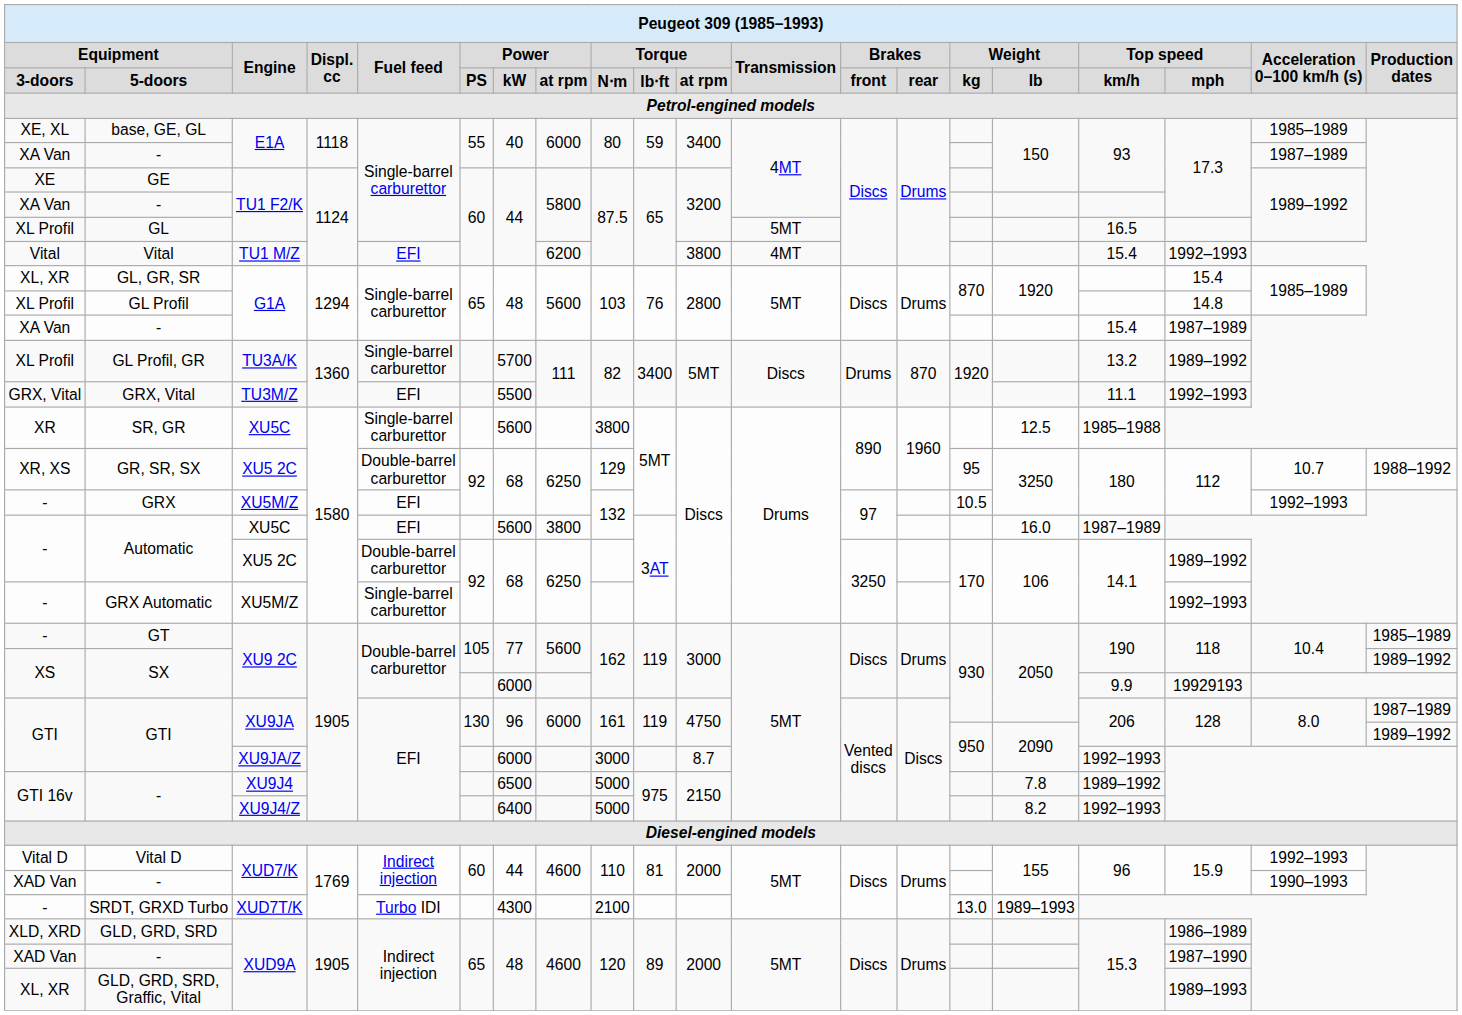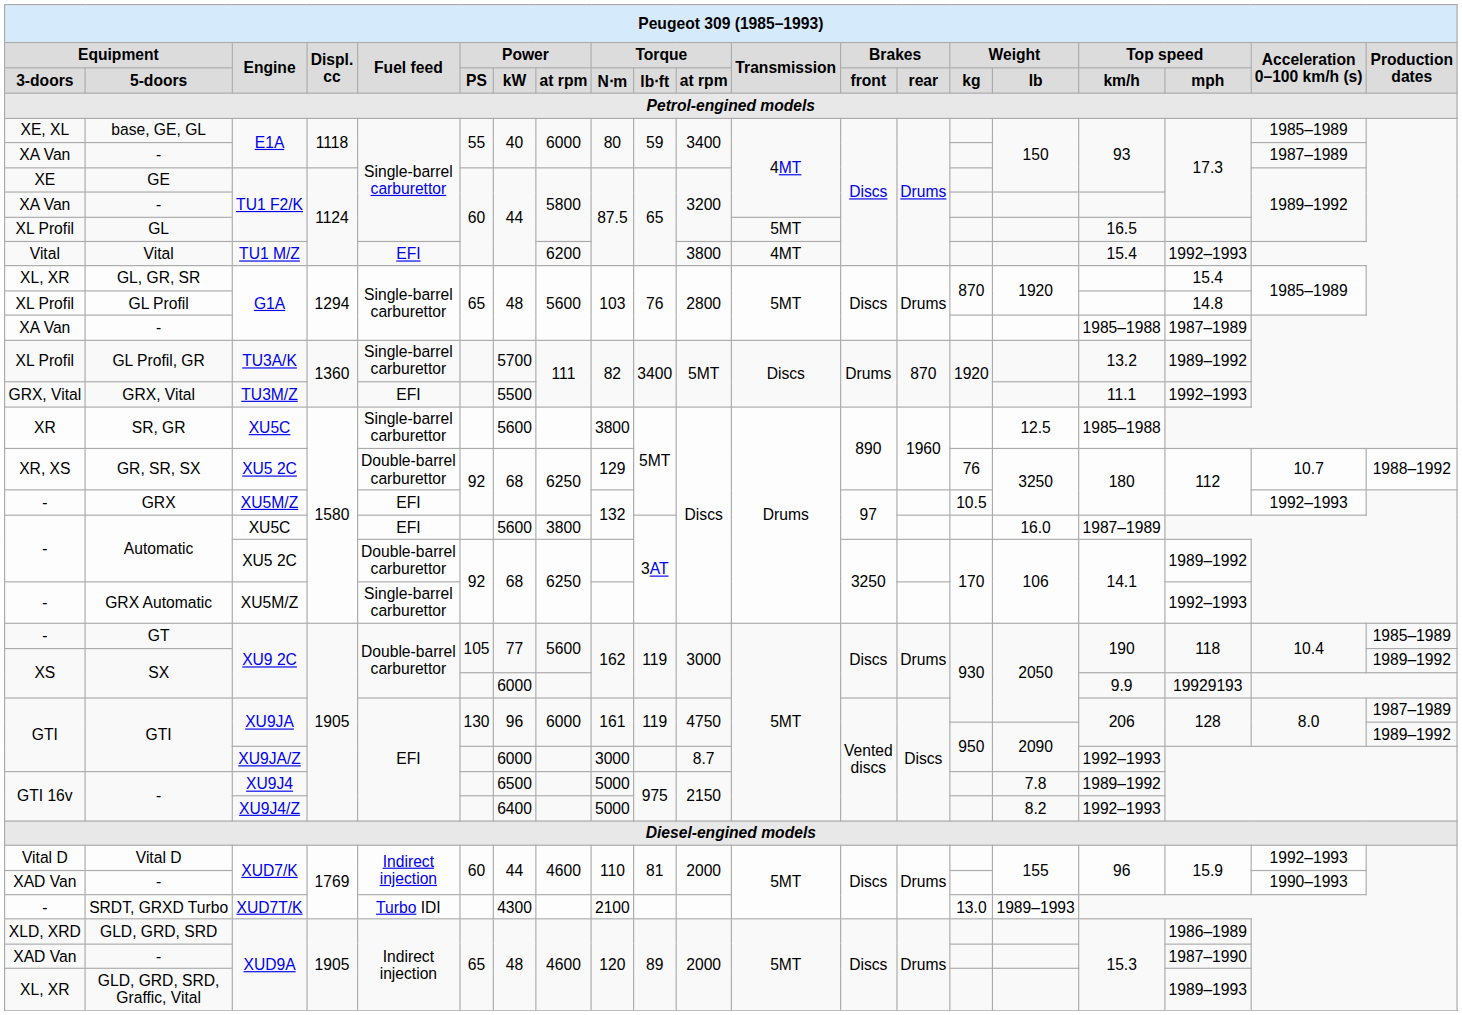 <table class="wikitable mw-collapsible autocollapse mw-collapsed" cellpadding="0"  cellspacing="0" style="text-align:center; font-size:85%; width:100%">
 <tr>
 <td colspan=20 style="height:27px; background:#D5EAFB; text-align:center; font-weight:bold">Peugeot 309 (1985–1993)</td>
 </tr>
 <tr style="background:#DCDCDC; align:center; valign:middle; font-weight:bold">
 <td colspan="2">Equipment</td>
 <td rowspan="2">Engine</td>
 <td rowspan="2">Displ.<br>cc</td>
 <td rowspan="2">Fuel feed</td>
 <td colspan="3">Power</td>
 <td colspan="3">Torque</td>
 <td rowspan="2">Transmission</td>
 <td colspan="2">Brakes</td>
 <td colspan="2">Weight</td>
 <td colspan="2">Top speed</td>
 <td rowspan="2">Acceleration<br>0–100 km/h (s)</td>
 <td rowspan="2">Production<br>dates</td>
 </tr>
 <tr style="background:#DCDCDC; align:center; valign:middle; font-weight:bold">
 <td>3-doors</td>
 <td>5-doors</td>
 <td>PS</td>
 <td>kW</td>
 <td>at rpm</td>
 <td>N⋅m</td>
 <td>lb⋅ft</td>
 <td>at rpm</td>
 <td>front</td>
 <td>rear</td>
 <td>kg</td>
 <td>lb</td>
 <td>km/h</td>
 <td>mph</td>
 </tr>
 <tr>
 <th colspan=20 style="background:#e8e8e8"><em>Petrol-engined models</em></th>
 </tr>
 <tr>
 <td>XE, XL</td>
 <td>base, GE, GL</td>
 <td rowspan="2"><a href='#'>E1A</a></td>
 <td rowspan="2">1118</td>
 <td rowspan="5">Single-barrel<br><a href='#'>carburettor</a></td>
 <td rowspan="2">55</td>
 <td rowspan="2">40</td>
 <td rowspan="2">6000</td>
 <td rowspan="2">80</td>
 <td rowspan="2">59</td>
 <td rowspan="2">3400</td>
 <td rowspan="4">4<a href='#'>MT</a></td>
 <td rowspan="6"><a href='#'>Discs</a></td>
 <td rowspan="6"><a href='#'>Drums</a></td>
 <td></td>
 <td rowspan="3">150</td>
 <td rowspan="3">93</td>
 <td rowspan="4">17.3</td>
 <td>1985–1989</td>
 </tr>
 <tr>
 <td>XA Van</td>
 <td>-</td>
 <td></td>
 <td>1987–1989</td>
 </tr>
 <tr>
 <td>XE</td>
 <td>GE</td>
 <td rowspan="3"><a href='#'>TU1 F2/K</a></td>
 <td rowspan="4">1124</td>
 <td rowspan="4">60</td>
 <td rowspan="4">44</td>
 <td rowspan="3">5800</td>
 <td rowspan="4">87.5</td>
 <td rowspan="4">65</td>
 <td rowspan="3">3200</td>
 <td></td>
 <td rowspan="3">1989–1992</td>
 </tr>
 <tr>
 <td>XA Van</td>
 <td>-</td>
 <td></td>
 <td></td>
 </tr>
 <tr>
 <td>XL Profil</td>
 <td>GL</td>
 <td>5MT</td>
 <td></td>
 <td></td>
 <td>16.5</td>
 </tr>
 <tr>
 <td>Vital</td>
 <td>Vital</td>
 <td><a href='#'>TU1 M/Z</a></td>
 <td><a href='#'>EFI</a></td>
 <td>6200</td>
 <td>3800</td>
 <td>4MT</td>
 <td></td>
 <td></td>
 <td>15.4</td>
 <td>1992–1993</td>
 </tr>
 <tr style="background:#fdfdfd">
 <td>XL, XR</td>
 <td>GL, GR, SR</td>
 <td rowspan="3"><a href='#'>G1A</a></td>
 <td rowspan="3">1294</td>
 <td rowspan="3">Single-barrel<br>carburettor</td>
 <td rowspan="3">65</td>
 <td rowspan="3">48</td>
 <td rowspan="3">5600</td>
 <td rowspan="3">103</td>
 <td rowspan="3">76</td>
 <td rowspan="3">2800</td>
 <td rowspan="3">5MT</td>
 <td rowspan="3">Discs</td>
 <td rowspan="3">Drums</td>
 <td rowspan="2">870</td>
 <td rowspan="2">1920</td>
 <td></td>
 <td>15.4</td>
 <td rowspan="2">1985–1989</td>
 </tr>
 <tr style="background:#fdfdfd">
 <td>XL Profil</td>
 <td>GL Profil</td>
 <td></td>
 <td>14.8</td>
 </tr>
 <tr style="background:#fdfdfd">
 <td>XA Van</td>
 <td>-</td>
 <td></td>
 <td></td>
-<td>15.4</td>
+<td>1985–1988</td>
 <td>1987–1989</td>
 </tr>
 <tr>
 <td>XL Profil</td>
 <td>GL Profil, GR</td>
 <td><a href='#'>TU3A/K</a></td>
 <td rowspan="2">1360</td>
 <td>Single-barrel<br>carburettor</td>
 <td></td>
 <td>5700</td>
 <td rowspan="2">111</td>
 <td rowspan="2">82</td>
 <td rowspan="2">3400</td>
 <td rowspan="2">5MT</td>
 <td rowspan="2">Discs</td>
 <td rowspan="2">Drums</td>
 <td rowspan="2">870</td>
 <td rowspan="2">1920</td>
 <td></td>
 <td>13.2</td>
 <td>1989–1992</td>
 </tr>
 <tr>
 <td>GRX, Vital</td>
 <td>GRX, Vital</td>
 <td><a href='#'>TU3M/Z</a></td>
 <td>EFI</td>
 <td></td>
 <td>5500</td>
 <td></td>
 <td>11.1</td>
 <td>1992–1993</td>
 </tr>
 <tr style="background:#fdfdfd">
 <td>XR</td>
 <td>SR, GR</td>
 <td><a href='#'>XU5C</a></td>
 <td rowspan="6">1580</td>
 <td>Single-barrel<br>carburettor</td>
 <td></td>
 <td>5600</td>
 <td></td>
 <td>3800</td>
 <td rowspan="3">5MT</td>
 <td rowspan="6">Discs</td>
 <td rowspan="6">Drums</td>
 <td rowspan="2">890</td>
 <td rowspan="2">1960</td>
 <td></td>
 <td>12.5</td>
 <td>1985–1988</td>
 </tr>
 <tr style="background:#fdfdfd">
 <td>XR, XS</td>
 <td>GR, SR, SX</td>
 <td><a href='#'>XU5 2C</a></td>
 <td>Double-barrel<br>carburettor</td>
 <td rowspan="2">92</td>
 <td rowspan="2">68</td>
 <td rowspan="2">6250</td>
 <td>129</td>
-<td>95</td>
+<td>76</td>
 <td rowspan="2">3250</td>
 <td rowspan="2">180</td>
 <td rowspan="2">112</td>
 <td>10.7</td>
 <td>1988–1992</td>
 </tr>
 <tr style="background:#fdfdfd">
 <td>-</td>
 <td>GRX</td>
 <td><a href='#'>XU5M/Z</a></td>
 <td>EFI</td>
 <td rowspan="2">132</td>
 <td rowspan="2">97</td>
 <td></td>
 <td>10.5</td>
 <td>1992–1993</td>
 </tr>
 <tr style="background:#fdfdfd">
 <td rowspan="2">-</td>
 <td rowspan="2">Automatic</td>
 <td>XU5C</td>
 <td>EFI</td>
 <td></td>
 <td>5600</td>
 <td>3800</td>
 <td rowspan="3">3<a href='#'>AT</a></td>
 <td></td>
 <td></td>
 <td>16.0</td>
 <td>1987–1989</td>
 </tr>
 <tr style="background:#fdfdfd">
 <td>XU5 2C</td>
 <td>Double-barrel<br>carburettor</td>
 <td rowspan="2">92</td>
 <td rowspan="2">68</td>
 <td rowspan="2">6250</td>
 <td></td>
 <td rowspan="2">3250</td>
 <td></td>
 <td rowspan="2">170</td>
 <td rowspan="2">106</td>
 <td rowspan="2">14.1</td>
 <td>1989–1992</td>
 </tr>
 <tr style="background:#fdfdfd">
 <td>-</td>
 <td>GRX Automatic</td>
 <td>XU5M/Z</td>
 <td>Single-barrel<br>carburettor</td>
 <td></td>
 <td></td>
 <td>1992–1993</td>
 </tr>
 <tr>
 <td>-</td>
 <td>GT</td>
 <td rowspan="3"><a href='#'>XU9 2C</a></td>
 <td rowspan="8">1905</td>
 <td rowspan="3">Double-barrel<br>carburettor</td>
 <td rowspan="2">105</td>
 <td rowspan="2">77</td>
 <td rowspan="2">5600</td>
 <td rowspan="3">162</td>
 <td rowspan="3">119</td>
 <td rowspan="3">3000</td>
 <td rowspan="8">5MT</td>
 <td rowspan="3">Discs</td>
 <td rowspan="3">Drums</td>
 <td rowspan="4">930</td>
 <td rowspan="4">2050</td>
 <td rowspan="2">190</td>
 <td rowspan="2">118</td>
 <td rowspan="2">10.4</td>
 <td>1985–1989</td>
 </tr>
 <tr>
 <td rowspan="2">XS</td>
 <td rowspan="2">SX</td>
 <td>1989–1992</td>
 </tr>
 <tr>
 <td></td>
 <td>6000</td>
 <td></td>
 <td>9.9</td>
 <td>19929193</td>
 </tr>
 <tr>
 <td rowspan="3">GTI</td>
 <td rowspan="3">GTI</td>
 <td rowspan="2"><a href='#'>XU9JA</a></td>
 <td rowspan="5">EFI</td>
 <td rowspan="2">130</td>
 <td rowspan="2">96</td>
 <td rowspan="2">6000</td>
 <td rowspan="2">161</td>
 <td rowspan="2">119</td>
 <td rowspan="2">4750</td>
 <td rowspan="5">Vented<br>discs</td>
 <td rowspan="5">Discs</td>
 <td rowspan="2">206</td>
 <td rowspan="2">128</td>
 <td rowspan="2">8.0</td>
 <td>1987–1989</td>
 </tr>
 <tr>
 <td rowspan="2">950</td>
 <td rowspan="2">2090</td>
 <td>1989–1992</td>
 </tr>
 <tr>
 <td><a href='#'>XU9JA/Z</a></td>
 <td></td>
 <td>6000</td>
 <td></td>
 <td>3000</td>
 <td></td>
 <td>8.7</td>
 <td>1992–1993</td>
 </tr>
 <tr>
 <td rowspan="2">GTI 16v</td>
 <td rowspan="2">-</td>
 <td><a href='#'>XU9J4</a></td>
 <td></td>
 <td>6500</td>
 <td></td>
 <td>5000</td>
 <td rowspan="2">975</td>
 <td rowspan="2">2150</td>
 <td></td>
 <td>7.8</td>
 <td>1989–1992</td>
 </tr>
 <tr>
 <td><a href='#'>XU9J4/Z</a></td>
 <td></td>
 <td>6400</td>
 <td></td>
 <td>5000</td>
 <td></td>
 <td>8.2</td>
 <td>1992–1993</td>
 </tr>
 <tr>
 <th colspan=20 style="background:#e8e8e8"><em>Diesel-engined models</em></th>
 </tr>
 <tr style="background:#fdfdfd">
 <td>Vital D</td>
 <td>Vital D</td>
 <td rowspan="2"><a href='#'>XUD7/K</a></td>
 <td rowspan="3">1769</td>
 <td rowspan="2"><a href='#'>Indirect<br>injection</a></td>
 <td rowspan="2">60</td>
 <td rowspan="2">44</td>
 <td rowspan="2">4600</td>
 <td rowspan="2">110</td>
 <td rowspan="2">81</td>
 <td rowspan="2">2000</td>
 <td rowspan="3">5MT</td>
 <td rowspan="3">Discs</td>
 <td rowspan="3">Drums</td>
 <td></td>
 <td rowspan="2">155</td>
 <td rowspan="2">96</td>
 <td rowspan="2">15.9</td>
 <td>1992–1993</td>
 </tr>
 <tr style="background:#fdfdfd">
 <td>XAD Van</td>
 <td>-</td>
 <td></td>
 <td>1990–1993</td>
 </tr>
 <tr style="background:#fdfdfd">
 <td>-</td>
 <td>SRDT, GRXD Turbo</td>
 <td><a href='#'>XUD7T/K</a></td>
 <td><a href='#'>Turbo</a> IDI</td>
 <td></td>
 <td>4300</td>
 <td></td>
 <td>2100</td>
 <td></td>
 <td></td>
 <td>13.0</td>
 <td>1989–1993</td>
 </tr>
 <tr>
 <td>XLD, XRD</td>
 <td>GLD, GRD, SRD</td>
 <td rowspan="3"><a href='#'>XUD9A</a></td>
 <td rowspan="3">1905</td>
 <td rowspan="3">Indirect<br>injection</td>
 <td rowspan="3">65</td>
 <td rowspan="3">48</td>
 <td rowspan="3">4600</td>
 <td rowspan="3">120</td>
 <td rowspan="3">89</td>
 <td rowspan="3">2000</td>
 <td rowspan="3">5MT</td>
 <td rowspan="3">Discs</td>
 <td rowspan="3">Drums</td>
 <td></td>
 <td></td>
 <td rowspan="3">15.3</td>
 <td>1986–1989</td>
 </tr>
 <tr>
 <td>XAD Van</td>
 <td>-</td>
 <td></td>
 <td></td>
 <td>1987–1990</td>
 </tr>
 <tr>
 <td>XL, XR</td>
 <td>GLD, GRD, SRD,<br>Graffic, Vital</td>
 <td></td>
 <td></td>
 <td>1989–1993</td>
 </tr>
 </table>
